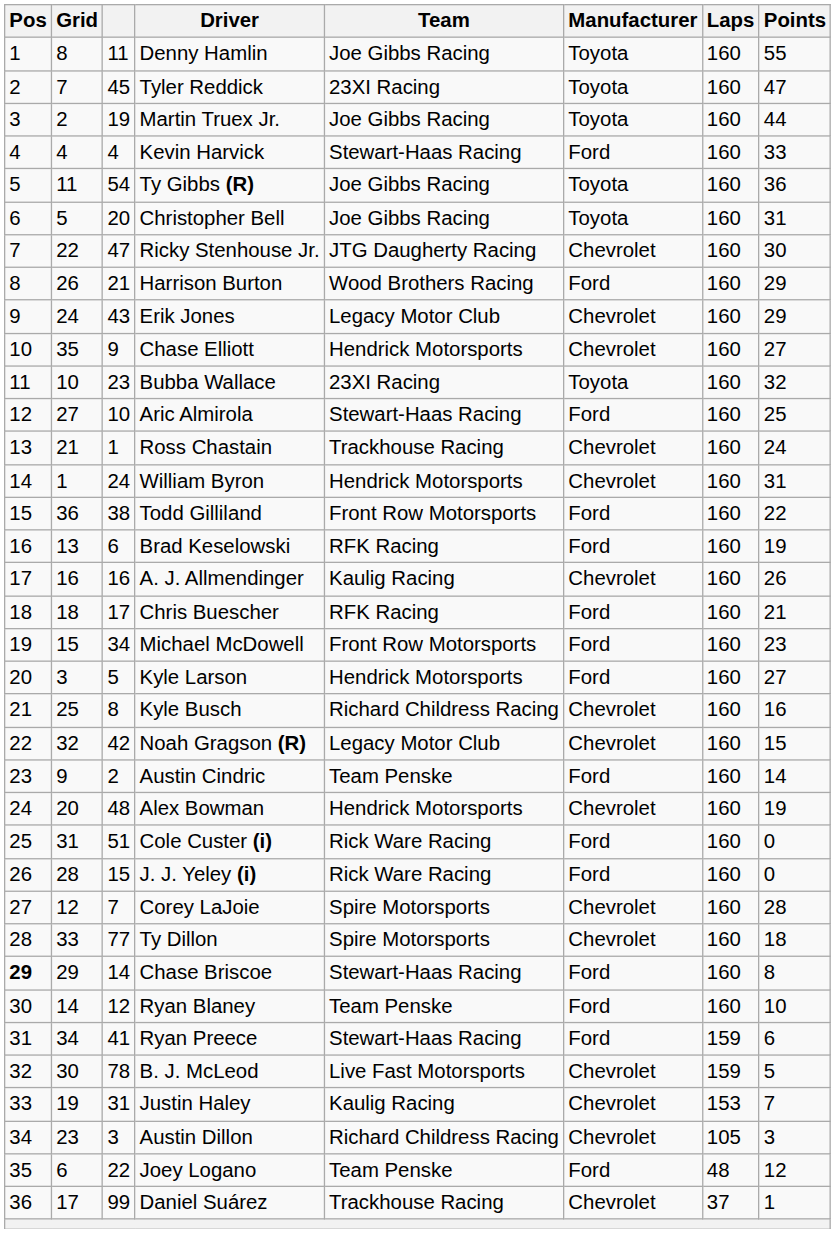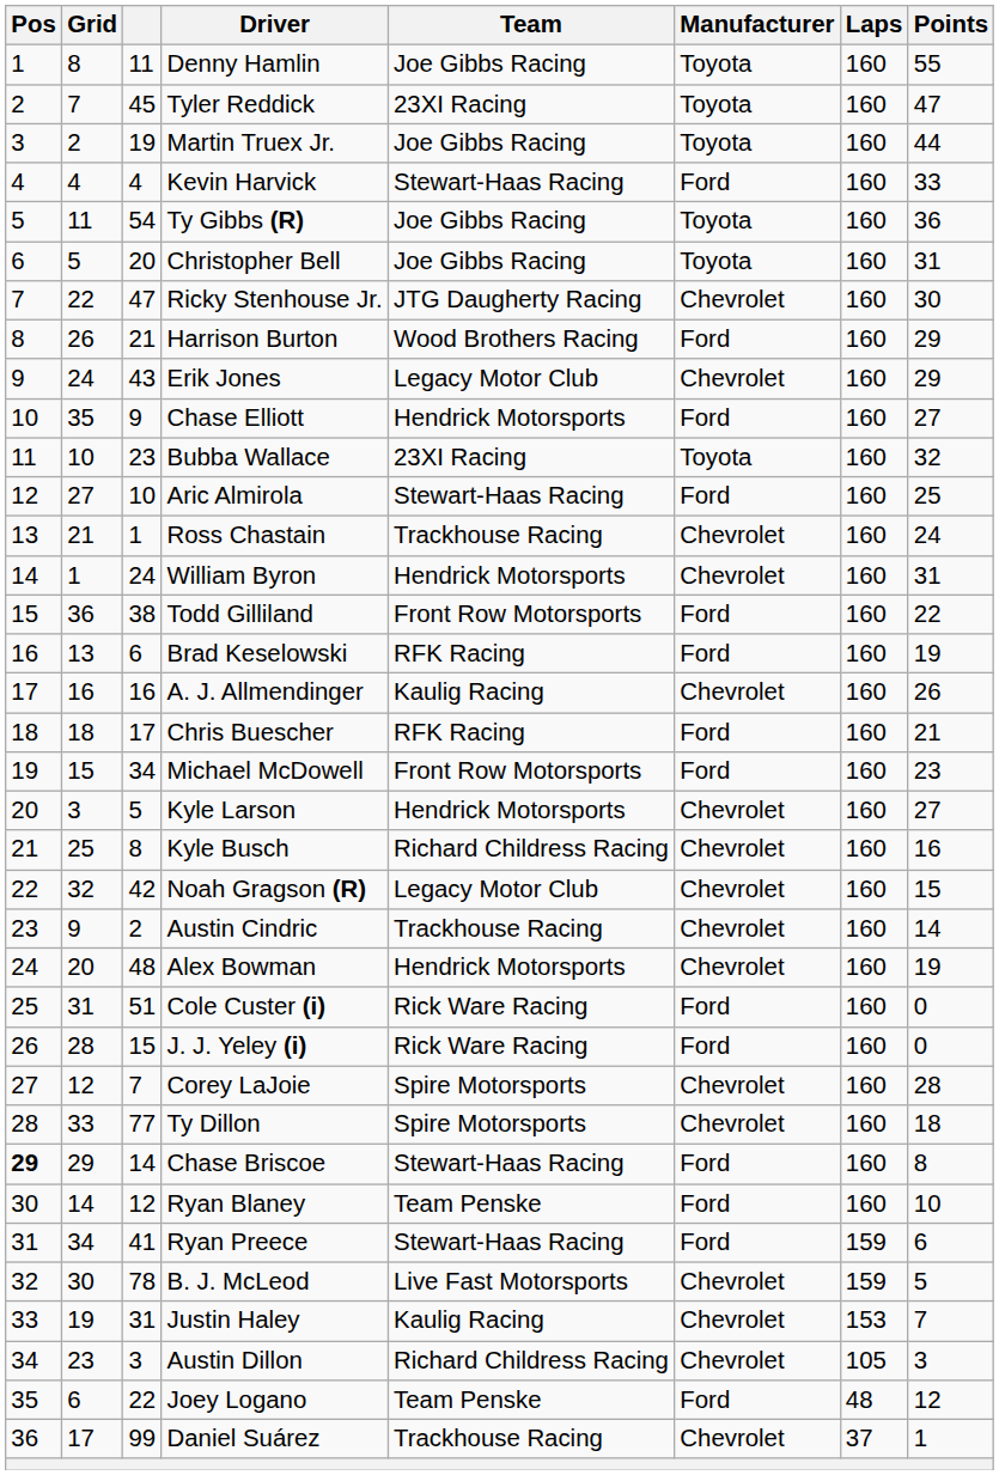 <table class="wikitable" style="font-size:98%">
 <tr>
 <th>Pos</th>
 <th>Grid</th>
 <th></th>
 <th>Driver</th>
 <th>Team</th>
 <th>Manufacturer</th>
 <th>Laps</th>
 <th>Points</th>
 </tr>
 <tr>
 <td>1</td>
 <td>8</td>
 <td>11</td>
 <td>Denny Hamlin</td>
 <td>Joe Gibbs Racing</td>
 <td>Toyota</td>
 <td>160</td>
 <td>55</td>
 </tr>
 <tr>
 <td>2</td>
 <td>7</td>
 <td>45</td>
 <td>Tyler Reddick</td>
 <td>23XI Racing</td>
 <td>Toyota</td>
 <td>160</td>
 <td>47</td>
 </tr>
 <tr>
 <td>3</td>
 <td>2</td>
 <td>19</td>
 <td>Martin Truex Jr.</td>
 <td>Joe Gibbs Racing</td>
 <td>Toyota</td>
 <td>160</td>
 <td>44</td>
 </tr>
 <tr>
 <td>4</td>
 <td>4</td>
 <td>4</td>
 <td>Kevin Harvick</td>
 <td>Stewart-Haas Racing</td>
 <td>Ford</td>
 <td>160</td>
 <td>33</td>
 </tr>
 <tr>
 <td>5</td>
 <td>11</td>
 <td>54</td>
 <td>Ty Gibbs <strong>(R)</strong></td>
 <td>Joe Gibbs Racing</td>
 <td>Toyota</td>
 <td>160</td>
 <td>36</td>
 </tr>
 <tr>
 <td>6</td>
 <td>5</td>
 <td>20</td>
 <td>Christopher Bell</td>
 <td>Joe Gibbs Racing</td>
 <td>Toyota</td>
 <td>160</td>
 <td>31</td>
 </tr>
 <tr>
 <td>7</td>
 <td>22</td>
 <td>47</td>
 <td>Ricky Stenhouse Jr.</td>
 <td>JTG Daugherty Racing</td>
 <td>Chevrolet</td>
 <td>160</td>
 <td>30</td>
 </tr>
 <tr>
 <td>8</td>
 <td>26</td>
 <td>21</td>
 <td>Harrison Burton</td>
 <td>Wood Brothers Racing</td>
 <td>Ford</td>
 <td>160</td>
 <td>29</td>
 </tr>
 <tr>
 <td>9</td>
 <td>24</td>
 <td>43</td>
 <td>Erik Jones</td>
 <td>Legacy Motor Club</td>
 <td>Chevrolet</td>
 <td>160</td>
 <td>29</td>
 </tr>
 <tr>
 <td>10</td>
 <td>35</td>
 <td>9</td>
 <td>Chase Elliott</td>
 <td>Hendrick Motorsports</td>
-<td>Chevrolet</td>
+<td>Ford</td>
 <td>160</td>
 <td>27</td>
 </tr>
 <tr>
 <td>11</td>
 <td>10</td>
 <td>23</td>
 <td>Bubba Wallace</td>
 <td>23XI Racing</td>
 <td>Toyota</td>
 <td>160</td>
 <td>32</td>
 </tr>
 <tr>
 <td>12</td>
 <td>27</td>
 <td>10</td>
 <td>Aric Almirola</td>
 <td>Stewart-Haas Racing</td>
 <td>Ford</td>
 <td>160</td>
 <td>25</td>
 </tr>
 <tr>
 <td>13</td>
 <td>21</td>
 <td>1</td>
 <td>Ross Chastain</td>
 <td>Trackhouse Racing</td>
 <td>Chevrolet</td>
 <td>160</td>
 <td>24</td>
 </tr>
 <tr>
 <td>14</td>
 <td>1</td>
 <td>24</td>
 <td>William Byron</td>
 <td>Hendrick Motorsports</td>
 <td>Chevrolet</td>
 <td>160</td>
 <td>31</td>
 </tr>
 <tr>
 <td>15</td>
 <td>36</td>
 <td>38</td>
 <td>Todd Gilliland</td>
 <td>Front Row Motorsports</td>
 <td>Ford</td>
 <td>160</td>
 <td>22</td>
 </tr>
 <tr>
 <td>16</td>
 <td>13</td>
 <td>6</td>
 <td>Brad Keselowski</td>
 <td>RFK Racing</td>
 <td>Ford</td>
 <td>160</td>
 <td>19</td>
 </tr>
 <tr>
 <td>17</td>
 <td>16</td>
 <td>16</td>
 <td>A. J. Allmendinger</td>
 <td>Kaulig Racing</td>
 <td>Chevrolet</td>
 <td>160</td>
 <td>26</td>
 </tr>
 <tr>
 <td>18</td>
 <td>18</td>
 <td>17</td>
 <td>Chris Buescher</td>
 <td>RFK Racing</td>
 <td>Ford</td>
 <td>160</td>
 <td>21</td>
 </tr>
 <tr>
 <td>19</td>
 <td>15</td>
 <td>34</td>
 <td>Michael McDowell</td>
 <td>Front Row Motorsports</td>
 <td>Ford</td>
 <td>160</td>
 <td>23</td>
 </tr>
 <tr>
 <td>20</td>
 <td>3</td>
 <td>5</td>
 <td>Kyle Larson</td>
 <td>Hendrick Motorsports</td>
-<td>Ford</td>
+<td>Chevrolet</td>
 <td>160</td>
 <td>27</td>
 </tr>
 <tr>
 <td>21</td>
 <td>25</td>
 <td>8</td>
 <td>Kyle Busch</td>
 <td>Richard Childress Racing</td>
 <td>Chevrolet</td>
 <td>160</td>
 <td>16</td>
 </tr>
 <tr>
 <td>22</td>
 <td>32</td>
 <td>42</td>
 <td>Noah Gragson <strong>(R)</strong></td>
 <td>Legacy Motor Club</td>
 <td>Chevrolet</td>
 <td>160</td>
 <td>15</td>
 </tr>
 <tr>
 <td>23</td>
 <td>9</td>
 <td>2</td>
 <td>Austin Cindric</td>
-<td>Team Penske</td>
-<td>Ford</td>
+<td>Trackhouse Racing</td>
+<td>Chevrolet</td>
 <td>160</td>
 <td>14</td>
 </tr>
 <tr>
 <td>24</td>
 <td>20</td>
 <td>48</td>
 <td>Alex Bowman</td>
 <td>Hendrick Motorsports</td>
 <td>Chevrolet</td>
 <td>160</td>
 <td>19</td>
 </tr>
 <tr>
 <td>25</td>
 <td>31</td>
 <td>51</td>
 <td>Cole Custer <strong>(i)</strong></td>
 <td>Rick Ware Racing</td>
 <td>Ford</td>
 <td>160</td>
 <td>0</td>
 </tr>
 <tr>
 <td>26</td>
 <td>28</td>
 <td>15</td>
 <td>J. J. Yeley <strong>(i)</strong></td>
 <td>Rick Ware Racing</td>
 <td>Ford</td>
 <td>160</td>
 <td>0</td>
 </tr>
 <tr>
 <td>27</td>
 <td>12</td>
 <td>7</td>
 <td>Corey LaJoie</td>
 <td>Spire Motorsports</td>
 <td>Chevrolet</td>
 <td>160</td>
 <td>28</td>
 </tr>
 <tr>
 <td>28</td>
 <td>33</td>
 <td>77</td>
 <td>Ty Dillon</td>
 <td>Spire Motorsports</td>
 <td>Chevrolet</td>
 <td>160</td>
 <td>18</td>
 </tr>
 <tr>
 <td><strong>29</strong></td>
 <td>29</td>
 <td>14</td>
 <td>Chase Briscoe</td>
 <td>Stewart-Haas Racing</td>
 <td>Ford</td>
 <td>160</td>
 <td>8</td>
 </tr>
 <tr>
 <td>30</td>
 <td>14</td>
 <td>12</td>
 <td>Ryan Blaney</td>
 <td>Team Penske</td>
 <td>Ford</td>
 <td>160</td>
 <td>10</td>
 </tr>
 <tr>
 <td>31</td>
 <td>34</td>
 <td>41</td>
 <td>Ryan Preece</td>
 <td>Stewart-Haas Racing</td>
 <td>Ford</td>
 <td>159</td>
 <td>6</td>
 </tr>
 <tr>
 <td>32</td>
 <td>30</td>
 <td>78</td>
 <td>B. J. McLeod</td>
 <td>Live Fast Motorsports</td>
 <td>Chevrolet</td>
 <td>159</td>
 <td>5</td>
 </tr>
 <tr>
 <td>33</td>
 <td>19</td>
 <td>31</td>
 <td>Justin Haley</td>
 <td>Kaulig Racing</td>
 <td>Chevrolet</td>
 <td>153</td>
 <td>7</td>
 </tr>
 <tr>
 <td>34</td>
 <td>23</td>
 <td>3</td>
 <td>Austin Dillon</td>
 <td>Richard Childress Racing</td>
 <td>Chevrolet</td>
 <td>105</td>
 <td>3</td>
 </tr>
 <tr>
 <td>35</td>
 <td>6</td>
 <td>22</td>
 <td>Joey Logano</td>
 <td>Team Penske</td>
 <td>Ford</td>
 <td>48</td>
 <td>12</td>
 </tr>
 <tr>
 <td>36</td>
 <td>17</td>
 <td>99</td>
 <td>Daniel Suárez</td>
 <td>Trackhouse Racing</td>
 <td>Chevrolet</td>
 <td>37</td>
 <td>1</td>
 </tr>
 <tr>
 <th colspan="8"></th>
 </tr>
 </table>
